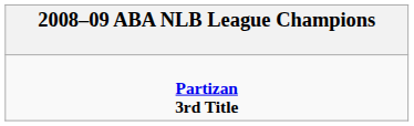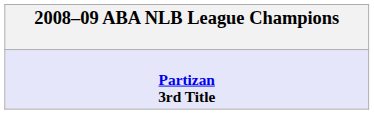 <table class="wikitable" style="margin: 0 auto; width: 30%;">
 <tr>
 <th><big>2008–09 ABA NLB League Champions</big><br><br></th>
 </tr>
 <tr>
-<td align=center><br><strong><a href='#'>Partizan</a></strong><br><strong>3rd Title</strong></td>
+<td align=center style="background: lavender;"><br><strong><a href='#'>Partizan</a></strong><br><strong>3rd Title</strong></td>
 </tr>
 </table>
